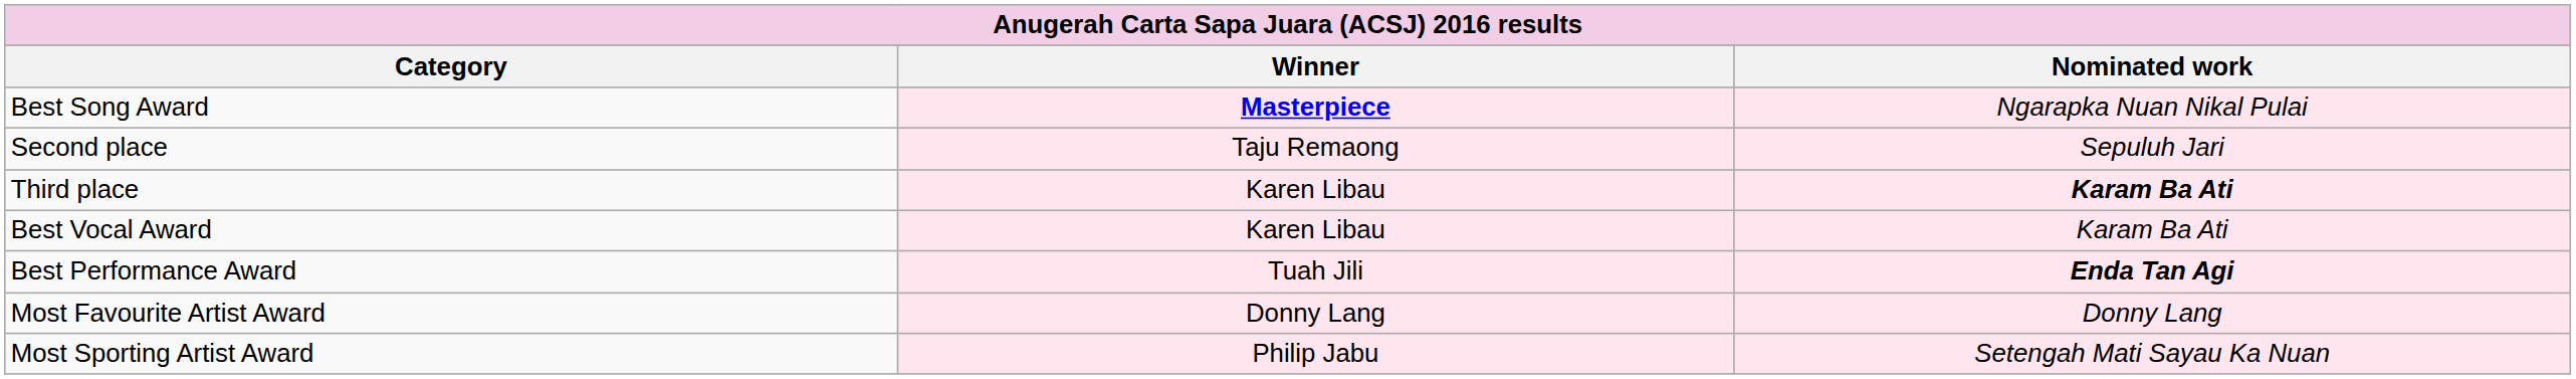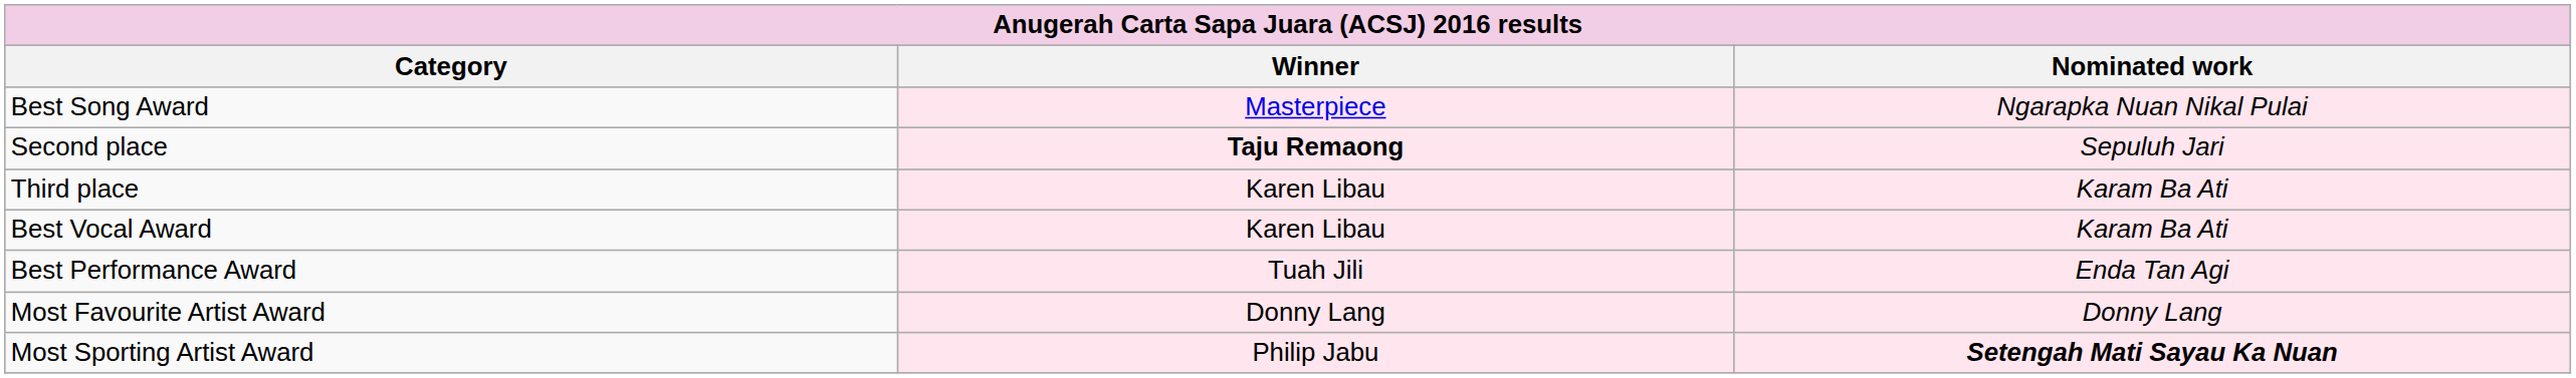 <table class="wikitable" style="width:80%; text-align:center;">
 <tr style="background:#f2cee6;">
 <td Colspan="5"><strong>Anugerah Carta Sapa Juara (ACSJ) 2016 results</strong></td>
 </tr>
 <tr>
 <th style="width:16%;">Category</th>
 <th style="width:15%;">Winner</th>
 <th style="width:15%;">Nominated work</th>
 </tr>
 <tr>
 <td style="text-align:left;">Best Song Award</td>
-<td Style="background:#FFE6EE;"><strong><a href='#'>Masterpiece</a></strong></td>
+<td Style="background:#FFE6EE;"><a href='#'>Masterpiece</a></td>
 <td Style="background:#FFE6EE;"><em>Ngarapka Nuan Nikal Pulai</em></td>
 </tr>
 <tr>
 <td style="text-align:left;">Second place</td>
-<td Style="background:#FFE6EE;">Taju Remaong</td>
+<td Style="background:#FFE6EE;"><strong>Taju Remaong</strong></td>
 <td Style="background:#FFE6EE;"><em>Sepuluh Jari</em></td>
 </tr>
 <tr>
 <td style="text-align:left;">Third place</td>
 <td Style="background:#FFE6EE;">Karen Libau</td>
-<td Style="background:#FFE6EE;"><strong><em>Karam Ba Ati</em></strong></td>
+<td Style="background:#FFE6EE;"><em>Karam Ba Ati</em></td>
 </tr>
 <tr>
 <td style="text-align:left;">Best Vocal Award</td>
 <td Style="background:#FFE6EE;">Karen Libau</td>
 <td Style="background:#FFE6EE;"><em>Karam Ba Ati</em></td>
 </tr>
 <tr>
 <td style="text-align:left;">Best Performance Award</td>
 <td Style="background:#FFE6EE;">Tuah Jili</td>
-<td Style="background:#FFE6EE;"><strong><em>Enda Tan Agi</em></strong></td>
+<td Style="background:#FFE6EE;"><em>Enda Tan Agi</em></td>
 </tr>
 <tr>
 <td style="text-align:left;">Most Favourite Artist Award</td>
 <td Style="background:#FFE6EE;">Donny Lang</td>
 <td Style="background:#FFE6EE;"><em>Donny Lang</em></td>
 </tr>
 <tr>
 <td style="text-align:left;">Most Sporting Artist Award</td>
 <td Style="background:#FFE6EE;">Philip Jabu</td>
-<td Style="background:#FFE6EE;"><em>Setengah Mati Sayau Ka Nuan</em></td>
+<td Style="background:#FFE6EE;"><strong><em>Setengah Mati Sayau Ka Nuan</em></strong></td>
 </tr>
 </table>
